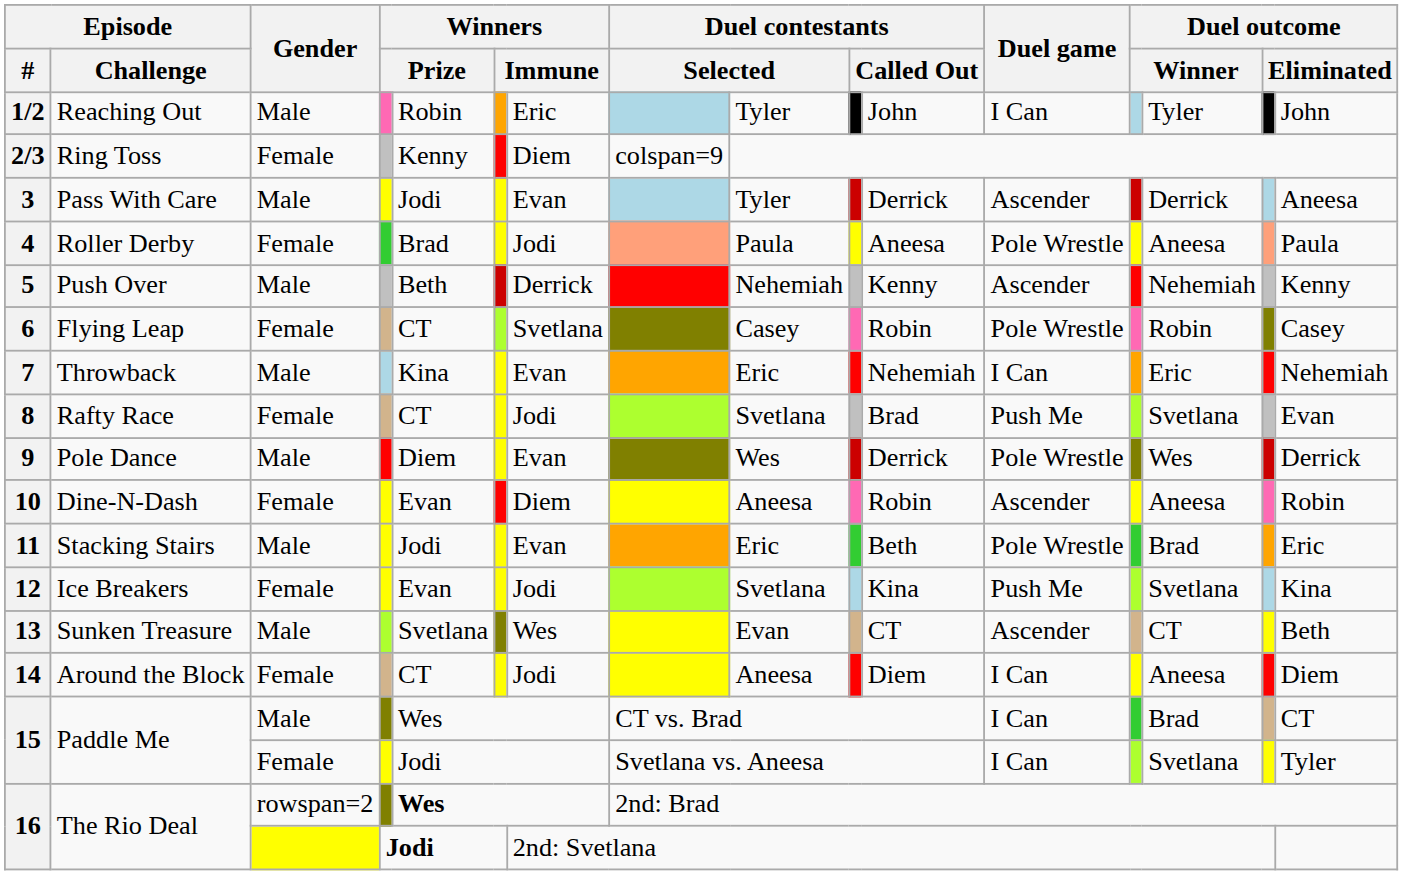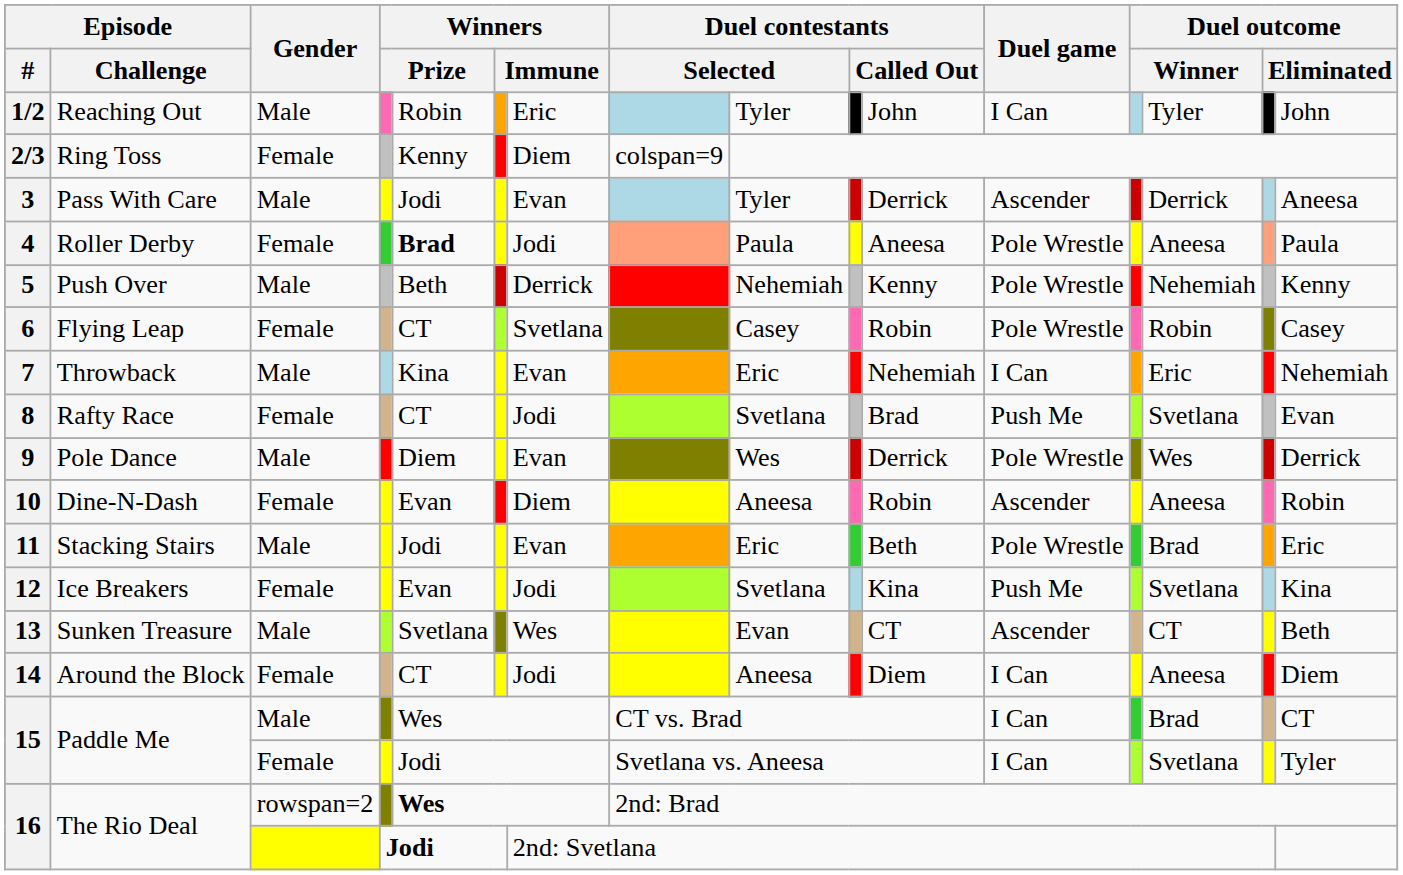 <table class="wikitable" style="font-size:90%; white-space:nowrap">
 <tr>
 <th colspan=2>Episode</th>
 <th rowspan=2>Gender</th>
 <th colspan=4>Winners</th>
 <th colspan=4>Duel contestants</th>
 <th rowspan=2>Duel game</th>
 <th colspan=4>Duel outcome</th>
 </tr>
 <tr>
 <th>#</th>
 <th>Challenge</th>
 <th colspan=2>Prize</th>
 <th colspan=2>Immune</th>
 <th colspan=2>Selected</th>
 <th colspan=2>Called Out</th>
 <th colspan=2>Winner</th>
 <th colspan=2>Eliminated</th>
 </tr>
 <tr>
 <th>1/2</th>
 <td>Reaching Out</td>
 <td>Male</td>
 <td bgcolor="hotpink"></td>
 <td>Robin</td>
 <td bgcolor="orange"></td>
 <td>Eric</td>
 <td bgcolor="lightblue"></td>
 <td>Tyler</td>
 <td bgcolor="black"></td>
 <td>John</td>
 <td>I Can</td>
 <td bgcolor="lightblue"></td>
 <td>Tyler</td>
 <td bgcolor="black"></td>
 <td>John</td>
 </tr>
 <tr>
 <th>2/3</th>
 <td>Ring Toss</td>
 <td>Female</td>
 <td bgcolor="silver"></td>
 <td>Kenny</td>
 <td bgcolor="red"></td>
 <td>Diem</td>
 <td>colspan=9 </td>
 </tr>
 <tr>
 <th>3</th>
 <td>Pass With Care</td>
 <td>Male</td>
 <td bgcolor="yellow"></td>
 <td>Jodi</td>
 <td bgcolor="yellow"></td>
 <td>Evan</td>
 <td bgcolor="lightblue"></td>
 <td>Tyler</td>
 <td bgcolor="#CC0000"></td>
 <td>Derrick</td>
 <td>Ascender</td>
 <td bgcolor="#CC0000"></td>
 <td>Derrick</td>
 <td bgcolor="lightblue"></td>
 <td>Aneesa</td>
 </tr>
 <tr>
 <th>4</th>
 <td>Roller Derby</td>
 <td>Female</td>
 <td bgcolor="limegreen"></td>
-<td>Brad</td>
+<td><strong>Brad</strong></td>
 <td bgcolor="yellow"></td>
 <td>Jodi</td>
 <td bgcolor="lightsalmon"></td>
 <td>Paula</td>
 <td bgcolor="yellow"></td>
 <td>Aneesa</td>
 <td>Pole Wrestle</td>
 <td bgcolor="yellow"></td>
 <td>Aneesa</td>
 <td bgcolor="lightsalmon"></td>
 <td>Paula</td>
 </tr>
 <tr>
 <th>5</th>
 <td>Push Over</td>
 <td>Male</td>
 <td bgcolor="silver"></td>
 <td>Beth</td>
 <td bgcolor="#CC0000"></td>
 <td>Derrick</td>
 <td bgcolor="red"></td>
 <td>Nehemiah</td>
 <td bgcolor="silver"></td>
 <td>Kenny</td>
-<td>Ascender</td>
+<td>Pole Wrestle</td>
 <td bgcolor="red"></td>
 <td>Nehemiah</td>
 <td bgcolor="silver"></td>
 <td>Kenny</td>
 </tr>
 <tr>
 <th>6</th>
 <td>Flying Leap</td>
 <td>Female</td>
 <td bgcolor="tan"></td>
 <td>CT</td>
 <td bgcolor="greenyellow"></td>
 <td>Svetlana</td>
 <td bgcolor="olive"></td>
 <td>Casey</td>
 <td bgcolor="hotpink"></td>
 <td>Robin</td>
 <td>Pole Wrestle</td>
 <td bgcolor="hotpink"></td>
 <td>Robin</td>
 <td bgcolor="olive"></td>
 <td>Casey</td>
 </tr>
 <tr>
 <th>7</th>
 <td>Throwback</td>
 <td>Male</td>
 <td bgcolor="lightblue"></td>
 <td>Kina</td>
 <td bgcolor="yellow"></td>
 <td>Evan</td>
 <td bgcolor="orange"></td>
 <td>Eric</td>
 <td bgcolor="red"></td>
 <td>Nehemiah</td>
 <td>I Can</td>
 <td bgcolor="orange"></td>
 <td>Eric</td>
 <td bgcolor="red"></td>
 <td>Nehemiah</td>
 </tr>
 <tr>
 <th>8</th>
 <td>Rafty Race</td>
 <td>Female</td>
 <td bgcolor="tan"></td>
 <td>CT</td>
 <td bgcolor="yellow"></td>
 <td>Jodi</td>
 <td bgcolor="greenyellow"></td>
 <td>Svetlana</td>
 <td bgcolor="silver"></td>
 <td>Brad</td>
 <td>Push Me</td>
 <td bgcolor="greenyellow"></td>
 <td>Svetlana</td>
 <td bgcolor="silver"></td>
 <td>Evan</td>
 </tr>
 <tr>
 <th>9</th>
 <td>Pole Dance</td>
 <td>Male</td>
 <td bgcolor="red"></td>
 <td>Diem</td>
 <td bgcolor="yellow"></td>
 <td>Evan</td>
 <td bgcolor="olive"></td>
 <td>Wes</td>
 <td bgcolor="#CC0000"></td>
 <td>Derrick</td>
 <td nowrap>Pole Wrestle</td>
 <td bgcolor="olive"></td>
 <td>Wes</td>
 <td bgcolor="#CC0000"></td>
 <td>Derrick</td>
 </tr>
 <tr>
 <th>10</th>
 <td>Dine-N-Dash</td>
 <td>Female</td>
 <td bgcolor="yellow"></td>
 <td>Evan</td>
 <td bgcolor="red"></td>
 <td>Diem</td>
 <td bgcolor="yellow"></td>
 <td>Aneesa</td>
 <td bgcolor="hotpink"></td>
 <td>Robin</td>
 <td>Ascender</td>
 <td bgcolor="yellow"></td>
 <td>Aneesa</td>
 <td bgcolor="hotpink"></td>
 <td>Robin</td>
 </tr>
 <tr>
 <th>11</th>
 <td>Stacking Stairs</td>
 <td>Male</td>
 <td bgcolor="yellow"></td>
 <td>Jodi</td>
 <td bgcolor="yellow"></td>
 <td>Evan</td>
 <td bgcolor="orange"></td>
 <td>Eric</td>
 <td bgcolor="limegreen"></td>
 <td>Beth</td>
 <td>Pole Wrestle</td>
 <td bgcolor="limegreen"></td>
 <td>Brad</td>
 <td bgcolor="orange"></td>
 <td>Eric</td>
 </tr>
 <tr>
 <th>12</th>
 <td>Ice Breakers</td>
 <td>Female</td>
 <td bgcolor="yellow"></td>
 <td>Evan</td>
 <td bgcolor="yellow"></td>
 <td>Jodi</td>
 <td bgcolor="greenyellow"></td>
 <td>Svetlana</td>
 <td bgcolor="lightblue"></td>
 <td>Kina</td>
 <td>Push Me</td>
 <td bgcolor="greenyellow"></td>
 <td>Svetlana</td>
 <td bgcolor="lightblue"></td>
 <td>Kina</td>
 </tr>
 <tr>
 <th>13</th>
 <td nowrap>Sunken Treasure</td>
 <td>Male</td>
 <td bgcolor="greenyellow"></td>
 <td>Svetlana</td>
 <td bgcolor="olive"></td>
 <td>Wes</td>
 <td bgcolor="yellow"></td>
 <td>Evan</td>
 <td bgcolor="tan"></td>
 <td>CT</td>
 <td>Ascender</td>
 <td bgcolor="tan"></td>
 <td>CT</td>
 <td bgcolor="yellow"></td>
 <td>Beth</td>
 </tr>
 <tr>
 <th>14</th>
 <td nowrap>Around the Block</td>
 <td>Female</td>
 <td bgcolor="tan"></td>
 <td>CT</td>
 <td bgcolor="yellow"></td>
 <td>Jodi</td>
 <td bgcolor="yellow"></td>
 <td>Aneesa</td>
 <td bgcolor="red"></td>
 <td>Diem</td>
 <td>I Can</td>
 <td bgcolor="yellow"></td>
 <td>Aneesa</td>
 <td bgcolor="red"></td>
 <td>Diem</td>
 </tr>
 <tr>
 <th rowspan=2>15</th>
 <td rowspan=2>Paddle Me </td>
 <td>Male</td>
 <td bgcolor="olive"></td>
 <td colspan=3>Wes</td>
 <td colspan=4>CT vs. Brad</td>
 <td>I Can</td>
 <td bgcolor="limegreen"></td>
 <td>Brad</td>
 <td bgcolor="tan"></td>
 <td>CT</td>
 </tr>
 <tr>
 <td>Female</td>
 <td bgcolor="yellow"></td>
 <td colspan=3>Jodi</td>
 <td colspan=4>Svetlana vs. Aneesa</td>
 <td>I Can</td>
 <td bgcolor="greenyellow"></td>
 <td>Svetlana</td>
 <td bgcolor="yellow"></td>
 <td>Tyler</td>
 </tr>
 <tr>
 <th rowspan=2>16</th>
 <td rowspan=2>The Rio Deal</td>
 <td>rowspan=2 </td>
 <td bgcolor="olive"></td>
 <td colspan=3><strong>Wes</strong></td>
 <td colspan=9>2nd: Brad</td>
 </tr>
 <tr>
 <td bgcolor="yellow"></td>
 <td colspan=3><strong>Jodi</strong></td>
 <td colspan=9>2nd: Svetlana</td>
 </tr>
 </table>
